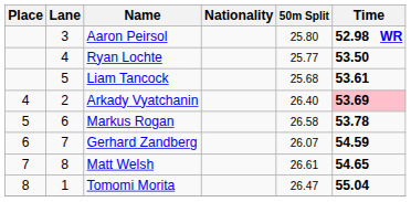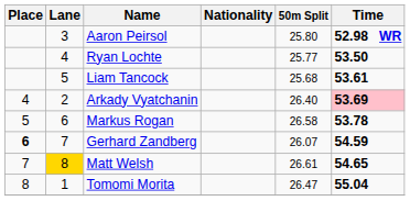 <table class="wikitable">
 <tr>
 <th>Place</th>
 <th>Lane</th>
 <th>Name</th>
 <th>Nationality</th>
 <th><small>50m Split</small></th>
 <th>Time</th>
 </tr>
 <tr>
 <td align=center></td>
 <td align=center>3</td>
 <td><a href='#'>Aaron Peirsol</a></td>
 <td></td>
 <td align=center><small>25.80</small></td>
 <td><strong>52.98   <a href='#'>WR</a></strong></td>
 </tr>
 <tr>
 <td align=center></td>
 <td align=center>4</td>
 <td><a href='#'>Ryan Lochte</a></td>
 <td></td>
 <td align=center><small>25.77</small></td>
 <td><strong>53.50</strong></td>
 </tr>
 <tr>
 <td align=center></td>
 <td align=center>5</td>
 <td><a href='#'>Liam Tancock</a></td>
 <td></td>
 <td align=center><small>25.68</small></td>
 <td><strong>53.61</strong></td>
 </tr>
 <tr>
 <td align=center>4</td>
 <td align=center>2</td>
 <td><a href='#'>Arkady Vyatchanin</a></td>
 <td></td>
 <td align=center><small>26.40</small></td>
 <td style="background: pink;"><strong>53.69</strong></td>
 </tr>
 <tr>
 <td align=center>5</td>
 <td align=center>6</td>
 <td><a href='#'>Markus Rogan</a></td>
 <td></td>
 <td align=center><small>26.58</small></td>
 <td><strong>53.78</strong></td>
 </tr>
 <tr>
-<td align=center>6</td>
+<td align=center><strong>6</strong></td>
 <td align=center>7</td>
 <td><a href='#'>Gerhard Zandberg</a></td>
 <td></td>
 <td align=center><small>26.07</small></td>
 <td><strong>54.59</strong></td>
 </tr>
 <tr>
 <td align=center>7</td>
-<td align=center>8</td>
+<td align=center style="background: gold;">8</td>
 <td><a href='#'>Matt Welsh</a></td>
 <td></td>
 <td align=center><small>26.61</small></td>
 <td><strong>54.65</strong></td>
 </tr>
 <tr>
 <td align=center>8</td>
 <td align=center>1</td>
 <td><a href='#'>Tomomi Morita</a></td>
 <td></td>
 <td align=center><small>26.47</small></td>
 <td><strong>55.04</strong></td>
 </tr>
 <tr>
 </tr>
 </table>
